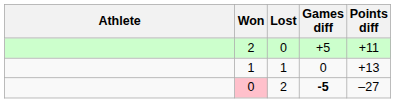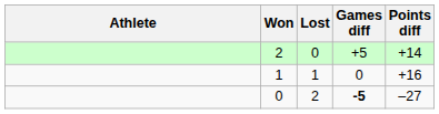 <table class="wikitable">
 <tr>
 <th style="width:18em">Athlete</th>
 <th>Won</th>
 <th>Lost</th>
 <th>Games<br>diff</th>
 <th>Points<br>diff</th>
 </tr>
 <tr bgcolor="#ccffcc">
 <td></td>
 <td align="center">2</td>
 <td align="center">0</td>
 <td align="center">+5</td>
-<td align="center">+11</td>
+<td align="center">+14</td>
 </tr>
 <tr>
 <td></td>
 <td align="center">1</td>
 <td align="center">1</td>
 <td align="center">0</td>
-<td align="center">+13</td>
+<td align="center">+16</td>
 </tr>
 <tr>
 <td></td>
-<td align="center" style="background: pink;">0</td>
+<td align="center">0</td>
 <td align="center">2</td>
 <td align="center"><strong>-5</strong></td>
 <td align="center">–27</td>
 </tr>
 </table>
